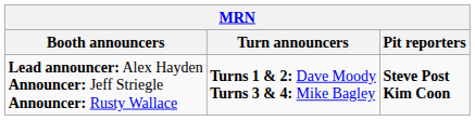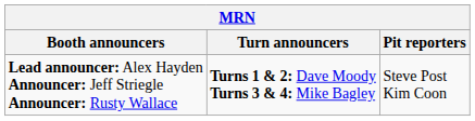 <table class="wikitable" style="font-size: 95%">
 <tr>
 <th colspan="3"><a href='#'>MRN</a></th>
 </tr>
 <tr>
 <th>Booth announcers</th>
 <th>Turn announcers</th>
 <th>Pit reporters</th>
 </tr>
 <tr>
 <td><strong>Lead announcer:</strong> Alex Hayden<br><strong>Announcer:</strong> Jeff Striegle<br><strong>Announcer:</strong> <a href='#'>Rusty Wallace</a></td>
 <td><strong>Turns 1 & 2:</strong> <a href='#'>Dave Moody</a><br><strong>Turns 3 & 4:</strong> <a href='#'>Mike Bagley</a></td>
-<td><strong>Steve Post<br>Kim Coon</strong></td>
+<td>Steve Post<br>Kim Coon</td>
 </tr>
 </table>
